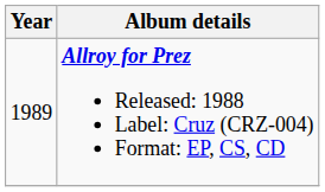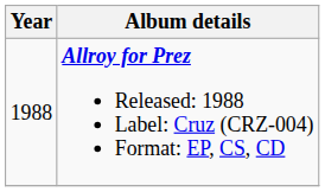 <table class ="wikitable">
 <tr>
 <th>Year</th>
 <th>Album details</th>
 </tr>
 <tr>
-<td>1989</td>
+<td>1988</td>
 <td><strong><em><a href='#'>Allroy for Prez</a></em></strong><br><ul><li>Released: 1988</li><li>Label: <a href='#'>Cruz</a> (CRZ-004)</li><li>Format: <a href='#'>EP</a>, <a href='#'>CS</a>, <a href='#'>CD</a></li></ul></td>
 </tr>
 <tr>
 </tr>
 </table>
